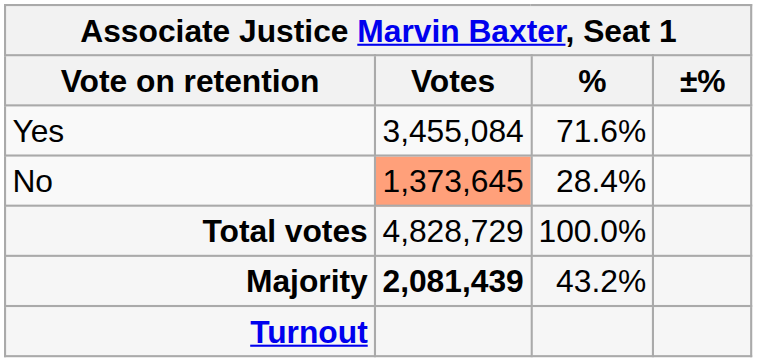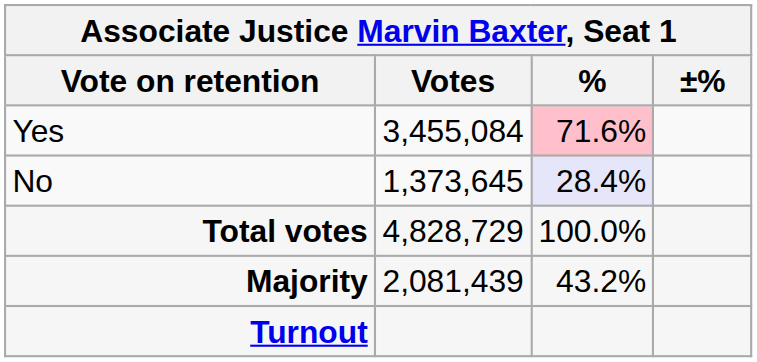 <table class="wikitable" style="font-size: 95%; clear:both">
 <tr>
 <th colspan=7>Associate Justice <a href='#'>Marvin Baxter</a>, Seat 1</th>
 </tr>
 <tr>
 <th style="width: 170px">Vote on retention</th>
 <th style="width: 50px">Votes</th>
 <th style="width: 40px">%</th>
 <th style="width: 40px">±%</th>
 </tr>
 <tr>
 <td>Yes</td>
 <td style="text-align:right;">3,455,084</td>
-<td style="text-align:right;">71.6%</td>
+<td style="background: pink; text-align:right;">71.6%</td>
 <td></td>
 </tr>
 <tr>
 <td>No</td>
-<td style="background: lightsalmon; text-align:right;">1,373,645</td>
-<td style="text-align:right;">28.4%</td>
+<td style="text-align:right;">1,373,645</td>
+<td style="background: lavender; text-align:right;">28.4%</td>
 <td></td>
 </tr>
 <tr style="background-color:#F6F6F6">
 <td colspan="1" align="right"><strong>Total votes</strong></td>
 <td style="text-align:right;">4,828,729</td>
 <td style="text-align:right;">100.0%</td>
 <td style="text-align:right;"></td>
 </tr>
 <tr style="background-color:#F6F6F6">
 <td colspan="1" style="text-align: right; margin-right: 0.5em"><strong>Majority</strong></td>
-<td style="text-align: right; margin-right: 0.5em"><strong>2,081,439</strong></td>
+<td style="text-align: right; margin-right: 0.5em">2,081,439</td>
 <td style="text-align: right; margin-right: 0.5em">43.2%</td>
 <td style="text-align: right; margin-right: 0.5em"></td>
 </tr>
 <tr style="background-color:#F6F6F6">
 <td colspan="1" style="text-align: right; margin-right: 0.5em"><strong><a href='#'>Turnout</a></strong></td>
 <td style="text-align: right; margin-right: 0.5em"></td>
 <td style="text-align: right; margin-right: 0.5em"></td>
 <td style="text-align: right; margin-right: 0.5em"></td>
 </tr>
 </table>
